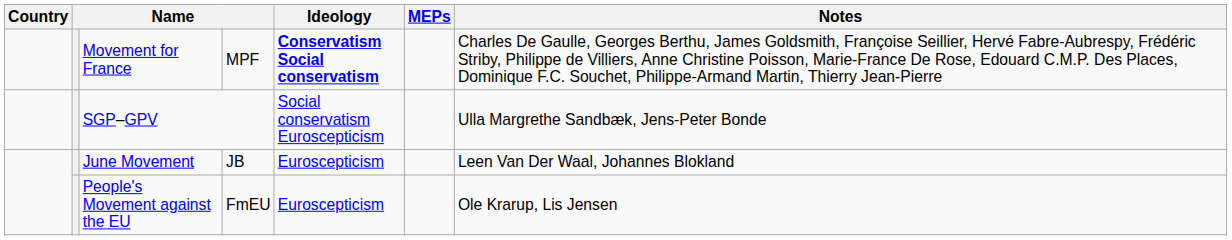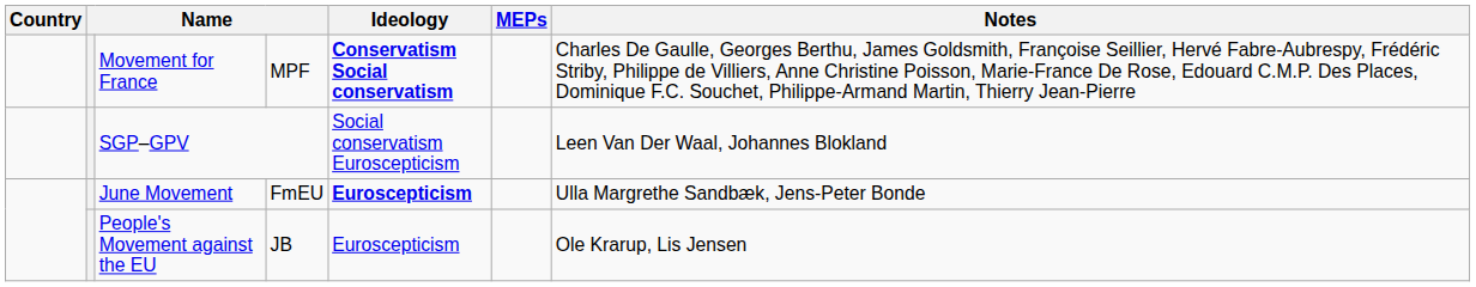 <table class="wikitable">
 <tr>
 <th>Country</th>
 <th colspan="3">Name</th>
 <th>Ideology</th>
 <th><a href='#'>MEPs</a></th>
 <th>Notes</th>
 </tr>
 <tr>
 <td></td>
 <th style="background:"></th>
 <td><a href='#'>Movement for France</a></td>
 <td>MPF</td>
 <td class="nowrap"><strong><a href='#'>Conservatism</a><br><a href='#'>Social conservatism</a></strong></td>
 <td></td>
 <td>Charles De Gaulle, Georges Berthu, James Goldsmith, Françoise Seillier, Hervé Fabre-Aubrespy, Frédéric Striby, Philippe de Villiers, Anne Christine Poisson, Marie-France De Rose, Edouard C.M.P. Des Places, Dominique F.C. Souchet, Philippe-Armand Martin, Thierry Jean-Pierre</td>
 </tr>
 <tr>
 <td></td>
 <th style="background:"></th>
 <td colspan="2"><a href='#'>SGP</a>–<a href='#'>GPV</a></td>
 <td class="nowrap"><a href='#'>Social conservatism</a><br><a href='#'>Euroscepticism</a></td>
 <td></td>
-<td>Ulla Margrethe Sandbæk, Jens-Peter Bonde</td>
+<td>Leen Van Der Waal, Johannes Blokland</td>
 </tr>
 <tr>
 <td rowspan="2"></td>
 <th style="background:"></th>
 <td><a href='#'>June Movement</a></td>
-<td>JB</td>
-<td><a href='#'>Euroscepticism</a></td>
+<td>FmEU</td>
+<td><strong><a href='#'>Euroscepticism</a></strong></td>
 <td></td>
-<td>Leen Van Der Waal, Johannes Blokland</td>
+<td>Ulla Margrethe Sandbæk, Jens-Peter Bonde</td>
 </tr>
 <tr>
 <th style="background:"></th>
 <td><a href='#'>People's Movement against the EU</a></td>
-<td>FmEU</td>
+<td>JB</td>
 <td><a href='#'>Euroscepticism</a></td>
 <td></td>
 <td>Ole Krarup, Lis Jensen</td>
 </tr>
 </table>
